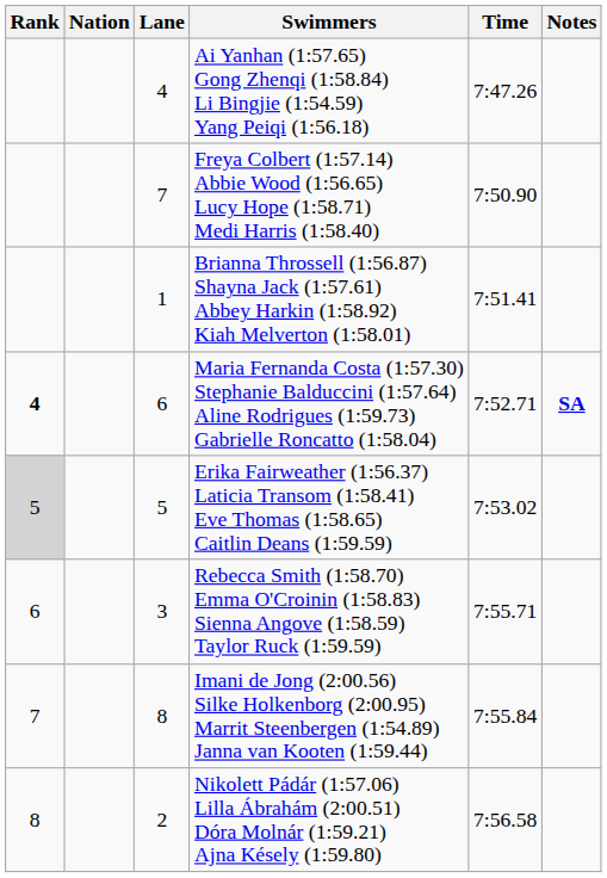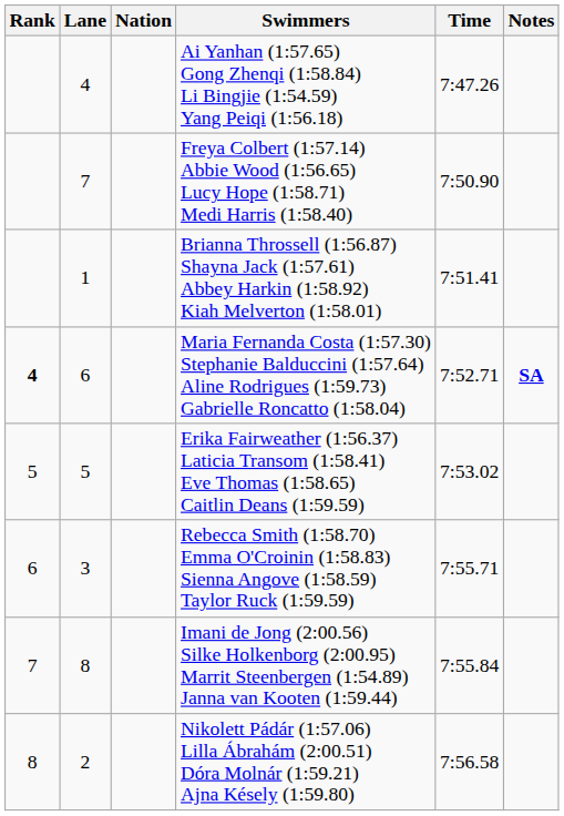 <table class="wikitable sortable" style="text-align:center">
 <tr>
 <th>Rank</th>
+<th>Lane</th>
 <th>Nation</th>
-<th>Lane</th>
 <th>Swimmers</th>
 <th>Time</th>
 <th>Notes</th>
 </tr>
 <tr>
 <td></td>
+<td>4</td>
 <td align=left></td>
-<td>4</td>
 <td align=left><a href='#'>Ai Yanhan</a> (1:57.65)<br><a href='#'>Gong Zhenqi</a> (1:58.84)<br><a href='#'>Li Bingjie</a> (1:54.59)<br><a href='#'>Yang Peiqi</a> (1:56.18)</td>
 <td>7:47.26</td>
 <td></td>
 </tr>
 <tr>
 <td></td>
+<td>7</td>
 <td align=left></td>
-<td>7</td>
 <td align=left><a href='#'>Freya Colbert</a> (1:57.14)<br><a href='#'>Abbie Wood</a> (1:56.65)<br><a href='#'>Lucy Hope</a> (1:58.71)<br><a href='#'>Medi Harris</a> (1:58.40)</td>
 <td>7:50.90</td>
 <td></td>
 </tr>
 <tr>
 <td></td>
+<td>1</td>
 <td align=left></td>
-<td>1</td>
 <td align=left><a href='#'>Brianna Throssell</a> (1:56.87)<br><a href='#'>Shayna Jack</a> (1:57.61)<br><a href='#'>Abbey Harkin</a> (1:58.92)<br><a href='#'>Kiah Melverton</a> (1:58.01)</td>
 <td>7:51.41</td>
 <td></td>
 </tr>
 <tr>
 <td><strong>4</strong></td>
+<td>6</td>
 <td align=left></td>
-<td>6</td>
 <td align=left><a href='#'>Maria Fernanda Costa</a> (1:57.30)<br><a href='#'>Stephanie Balduccini</a> (1:57.64)<br><a href='#'>Aline Rodrigues</a> (1:59.73)<br><a href='#'>Gabrielle Roncatto</a> (1:58.04)</td>
 <td>7:52.71</td>
 <td><strong><a href='#'>SA</a></strong></td>
 </tr>
 <tr>
-<td style="background: lightgrey;">5</td>
+<td>5</td>
+<td>5</td>
 <td align=left></td>
-<td>5</td>
 <td align=left><a href='#'>Erika Fairweather</a> (1:56.37)<br><a href='#'>Laticia Transom</a> (1:58.41)<br><a href='#'>Eve Thomas</a> (1:58.65)<br><a href='#'>Caitlin Deans</a> (1:59.59)</td>
 <td>7:53.02</td>
 <td></td>
 </tr>
 <tr>
 <td>6</td>
+<td>3</td>
 <td align=left></td>
-<td>3</td>
 <td align=left><a href='#'>Rebecca Smith</a> (1:58.70)<br><a href='#'>Emma O'Croinin</a> (1:58.83)<br><a href='#'>Sienna Angove</a> (1:58.59)<br><a href='#'>Taylor Ruck</a> (1:59.59)</td>
 <td>7:55.71</td>
 <td></td>
 </tr>
 <tr>
 <td>7</td>
+<td>8</td>
 <td align=left></td>
-<td>8</td>
 <td align=left><a href='#'>Imani de Jong</a> (2:00.56)<br><a href='#'>Silke Holkenborg</a> (2:00.95)<br><a href='#'>Marrit Steenbergen</a> (1:54.89)<br><a href='#'>Janna van Kooten</a> (1:59.44)</td>
 <td>7:55.84</td>
 <td></td>
 </tr>
 <tr>
 <td>8</td>
+<td>2</td>
 <td align=left></td>
-<td>2</td>
 <td align=left><a href='#'>Nikolett Pádár</a> (1:57.06)<br><a href='#'>Lilla Ábrahám</a> (2:00.51)<br><a href='#'>Dóra Molnár</a> (1:59.21)<br><a href='#'>Ajna Késely</a> (1:59.80)</td>
 <td>7:56.58</td>
 <td></td>
 </tr>
 </table>
